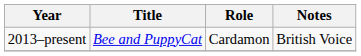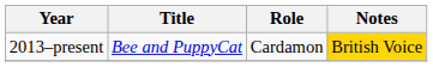 <table class="wikitable sortable">
 <tr>
 <th>Year</th>
 <th>Title</th>
 <th>Role</th>
 <th>Notes</th>
 </tr>
 <tr>
 <td>2013–present</td>
 <td><em><a href='#'>Bee and PuppyCat</a></em></td>
 <td>Cardamon</td>
-<td>British Voice</td>
+<td style="background: gold;">British Voice</td>
 </tr>
 <tr>
 </tr>
 </table>
